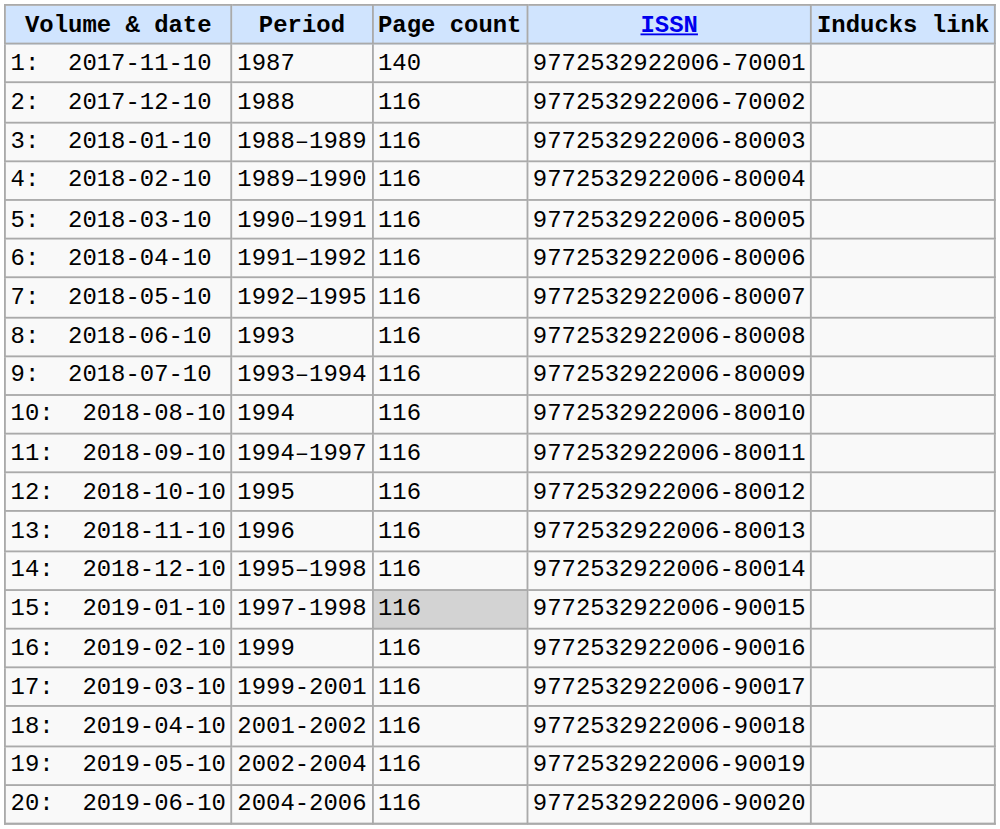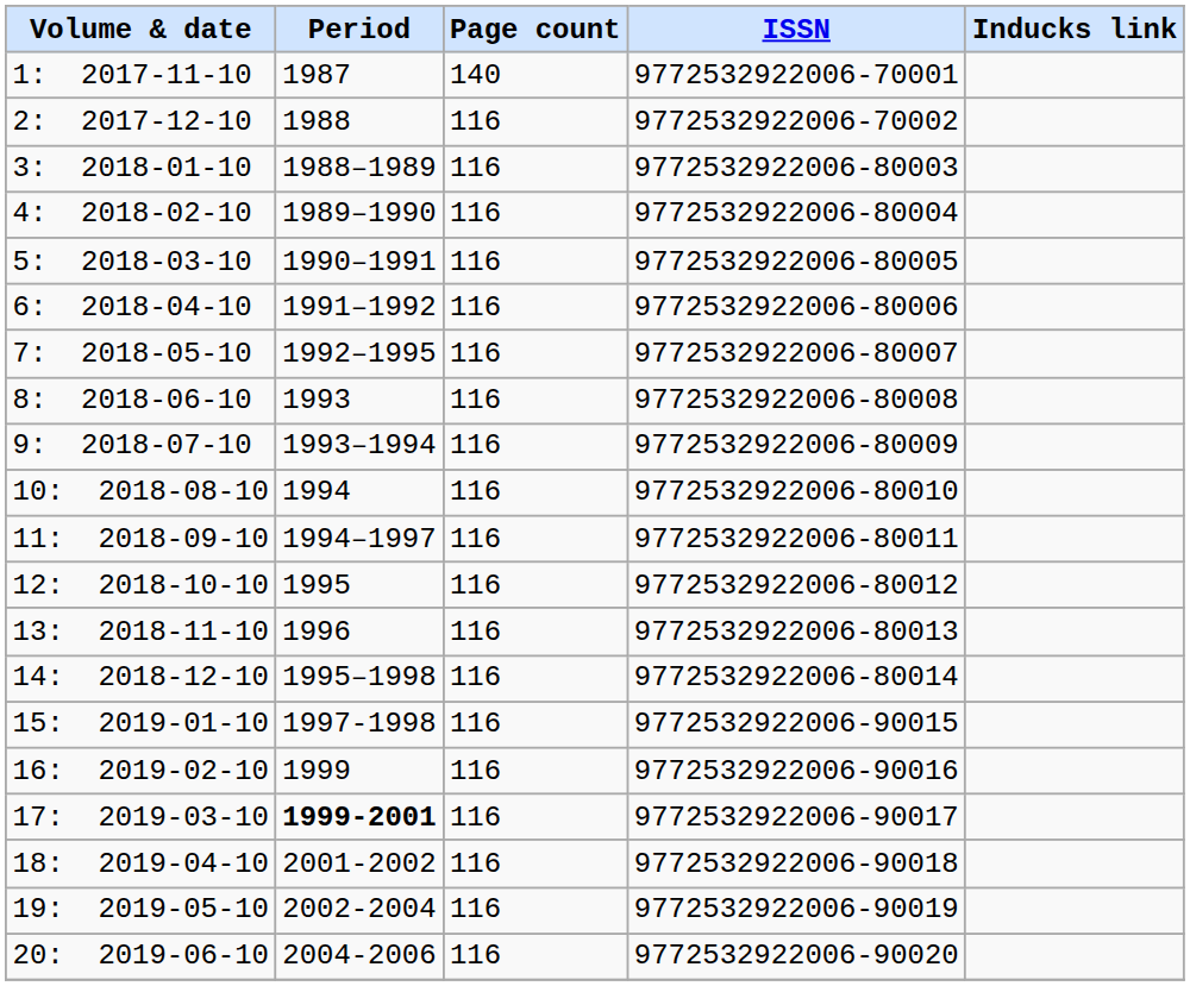 <table class="wikitable sortable">
 <tr>
 <th style="background-color:#D0E4FE" data-sort-type="number">Volume & date</th>
 <th style="background-color:#D0E4FE">Period</th>
 <td style="background-color:#D0E4FE"><strong>Page count</strong></td>
 <th style="background-color:#D0E4FE"><a href='#'>ISSN</a></th>
 <th style="background-color:#D0E4FE">Inducks link</th>
 </tr>
 <tr>
 <td>1:  2017-11-10</td>
 <td>1987</td>
 <td>140</td>
 <td>9772532922006-70001</td>
 <td></td>
 </tr>
 <tr>
 <td>2:  2017-12-10</td>
 <td>1988</td>
 <td>116</td>
 <td>9772532922006-70002</td>
 <td></td>
 </tr>
 <tr>
 <td>3:  2018-01-10</td>
 <td>1988–1989</td>
 <td>116</td>
 <td>9772532922006-80003</td>
 <td></td>
 </tr>
 <tr>
 <td>4:  2018-02-10</td>
 <td>1989–1990</td>
 <td>116</td>
 <td>9772532922006-80004</td>
 <td></td>
 </tr>
 <tr>
 <td>5:  2018-03-10</td>
 <td>1990–1991</td>
 <td>116</td>
 <td>9772532922006-80005</td>
 <td></td>
 </tr>
 <tr>
 <td>6:  2018-04-10</td>
 <td>1991–1992</td>
 <td>116</td>
 <td>9772532922006-80006</td>
 <td></td>
 </tr>
 <tr>
 <td>7:  2018-05-10</td>
 <td>1992–1995</td>
 <td>116</td>
 <td>9772532922006-80007</td>
 <td></td>
 </tr>
 <tr>
 <td>8:  2018-06-10</td>
 <td>1993</td>
 <td>116</td>
 <td>9772532922006-80008</td>
 <td></td>
 </tr>
 <tr>
 <td>9:  2018-07-10</td>
 <td>1993–1994</td>
 <td>116</td>
 <td>9772532922006-80009</td>
 <td></td>
 </tr>
 <tr>
 <td>10:  2018-08-10</td>
 <td>1994</td>
 <td>116</td>
 <td>9772532922006-80010</td>
 <td></td>
 </tr>
 <tr>
 <td>11:  2018-09-10</td>
 <td>1994–1997</td>
 <td>116</td>
 <td>9772532922006-80011</td>
 <td></td>
 </tr>
 <tr>
 <td>12:  2018-10-10</td>
 <td>1995</td>
 <td>116</td>
 <td>9772532922006-80012</td>
 <td></td>
 </tr>
 <tr>
 <td>13:  2018-11-10</td>
 <td>1996</td>
 <td>116</td>
 <td>9772532922006-80013</td>
 <td></td>
 </tr>
 <tr>
 <td>14:  2018-12-10</td>
 <td>1995–1998</td>
 <td>116</td>
 <td>9772532922006-80014</td>
 <td></td>
 </tr>
 <tr>
 <td>15:  2019-01-10</td>
 <td>1997-1998</td>
-<td style="background: lightgrey;">116</td>
+<td>116</td>
 <td>9772532922006-90015</td>
 <td></td>
 </tr>
 <tr>
 <td>16:  2019-02-10</td>
 <td>1999</td>
 <td>116</td>
 <td>9772532922006-90016</td>
 <td></td>
 </tr>
 <tr>
 <td>17:  2019-03-10</td>
-<td>1999-2001</td>
+<td><strong>1999-2001</strong></td>
 <td>116</td>
 <td>9772532922006-90017</td>
 <td></td>
 </tr>
 <tr>
 <td>18:  2019-04-10</td>
 <td>2001-2002</td>
 <td>116</td>
 <td>9772532922006-90018</td>
 <td></td>
 </tr>
 <tr>
 <td>19:  2019-05-10</td>
 <td>2002-2004</td>
 <td>116</td>
 <td>9772532922006-90019</td>
 <td></td>
 </tr>
 <tr>
 <td>20:  2019-06-10</td>
 <td>2004-2006</td>
 <td>116</td>
 <td>9772532922006-90020</td>
 <td></td>
 </tr>
 <tr>
 </tr>
 </table>
